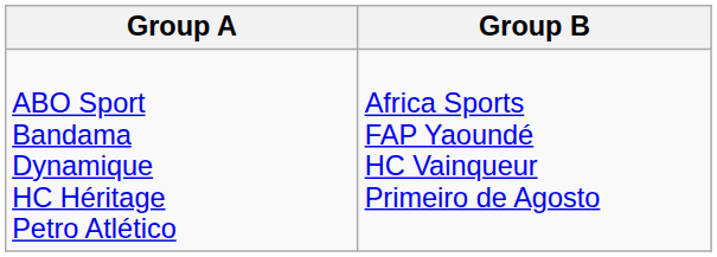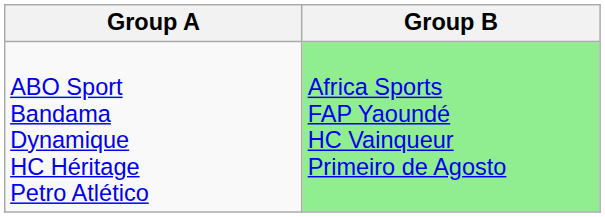 <table class="wikitable">
 <tr>
 <th width=195px>Group A</th>
 <th width=195px>Group B</th>
 </tr>
 <tr>
 <td valign=top><br> <a href='#'>ABO Sport</a><br>  <a href='#'>Bandama</a><br>  <a href='#'>Dynamique</a><br>  <a href='#'>HC Héritage</a><br>  <a href='#'>Petro Atlético</a></td>
-<td valign=top><br> <a href='#'>Africa Sports</a><br>  <a href='#'>FAP Yaoundé</a><br>  <a href='#'>HC Vainqueur</a><br>  <a href='#'>Primeiro de Agosto</a></td>
+<td valign=top style="background: lightgreen;"><br> <a href='#'>Africa Sports</a><br>  <a href='#'>FAP Yaoundé</a><br>  <a href='#'>HC Vainqueur</a><br>  <a href='#'>Primeiro de Agosto</a></td>
 </tr>
 </table>
